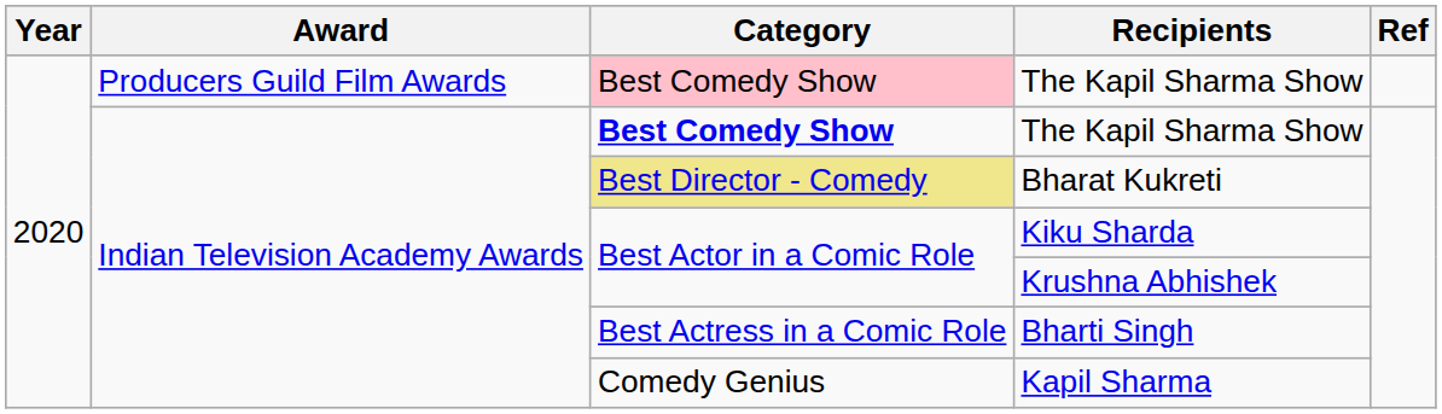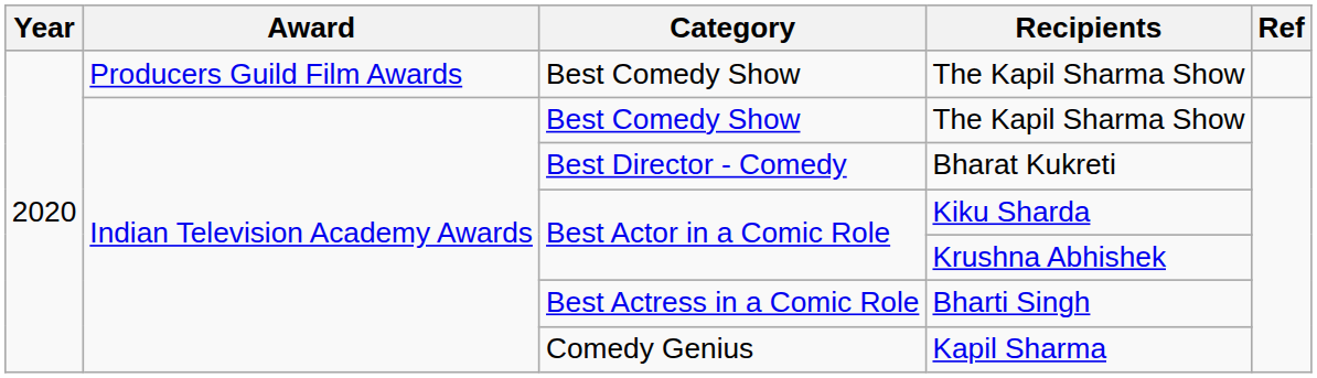 <table class="wikitable plainrowheaders sortable">
 <tr>
 <th scope="col">Year</th>
 <th scope="col">Award</th>
 <th scope="col">Category</th>
 <th scope="col">Recipients</th>
 <th scope="col">Ref</th>
 </tr>
 <tr>
 <td rowspan="11">2020</td>
 <td><a href='#'>Producers Guild Film Awards</a></td>
-<td style="background: pink;">Best Comedy Show</td>
+<td>Best Comedy Show</td>
 <td>The Kapil Sharma Show</td>
 <td></td>
 </tr>
 <tr>
 <td rowspan="7"><a href='#'>Indian Television Academy Awards</a></td>
-<td><strong><a href='#'>Best Comedy Show</a></strong></td>
+<td><a href='#'>Best Comedy Show</a></td>
 <td>The Kapil Sharma Show</td>
 <td rowspan="6"></td>
 </tr>
 <tr>
-<td style="background: khaki;"><a href='#'>Best Director - Comedy</a></td>
+<td><a href='#'>Best Director - Comedy</a></td>
 <td>Bharat Kukreti</td>
 </tr>
 <tr>
 <td rowspan="2"><a href='#'>Best Actor in a Comic Role</a></td>
 <td><a href='#'>Kiku Sharda</a></td>
 </tr>
 <tr>
 <td><a href='#'>Krushna Abhishek</a></td>
 </tr>
 <tr>
 <td><a href='#'>Best Actress in a Comic Role</a></td>
 <td><a href='#'>Bharti Singh</a></td>
 </tr>
 <tr>
 <td>Comedy Genius</td>
 <td><a href='#'>Kapil Sharma</a></td>
 </tr>
 </table>
